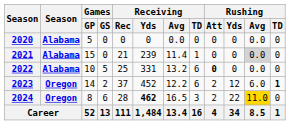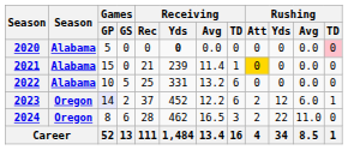 <table class="wikitable" style="text-align:center;">
 <tr>
 <th rowspan="2">Season</th>
 <th rowspan="2">Season</th>
 <th colspan="2">Games</th>
 <th colspan="4">Receiving</th>
 <th colspan="4">Rushing</th>
 </tr>
 <tr>
 <th>GP</th>
 <th>GS</th>
 <th>Rec</th>
 <th>Yds</th>
 <th>Avg</th>
 <th>TD</th>
 <th>Att</th>
 <th>Yds</th>
 <th>Avg</th>
 <th>TD</th>
 </tr>
 <tr>
 <th><a href='#'>2020</a></th>
 <th><a href='#'>Alabama</a></th>
 <td>5</td>
 <td>0</td>
 <td>0</td>
-<td>0</td>
+<td><strong>0</strong></td>
 <td>0.0</td>
 <td>0</td>
 <td>0</td>
 <td>0</td>
 <td>0.0</td>
-<td>0</td>
+<td style="background: pink;">0</td>
 </tr>
 <tr>
 <th><a href='#'>2021</a></th>
 <th><a href='#'>Alabama</a></th>
 <td>15</td>
 <td>0</td>
 <td>21</td>
 <td>239</td>
 <td>11.4</td>
 <td>1</td>
+<td style="background: gold;">0</td>
 <td>0</td>
-<td>0</td>
-<td style="background: lightgrey;">0.0</td>
+<td>0.0</td>
 <td>0</td>
 </tr>
 <tr>
 <th><a href='#'>2022</a></th>
 <th><a href='#'>Alabama</a></th>
 <td>10</td>
 <td>5</td>
 <td>25</td>
 <td>331</td>
 <td>13.2</td>
 <td>6</td>
-<td><strong>0</strong></td>
+<td>0</td>
 <td>0</td>
 <td>0.0</td>
 <td>0</td>
 </tr>
 <tr>
 <th><a href='#'>2023</a></th>
 <th><a href='#'>Oregon</a></th>
-<td>14</td>
+<td style="background: lavender;">14</td>
 <td>2</td>
 <td>37</td>
 <td>452</td>
 <td>12.2</td>
 <td>6</td>
 <td>2</td>
 <td>12</td>
 <td>6.0</td>
-<td><strong>1</strong></td>
+<td>1</td>
 </tr>
 <tr>
 <th><a href='#'>2024</a></th>
 <th><a href='#'>Oregon</a></th>
 <td>8</td>
 <td>6</td>
 <td>28</td>
-<td><strong>462</strong></td>
+<td>462</td>
 <td>16.5</td>
 <td>3</td>
 <td>2</td>
 <td>22</td>
-<td style="background: gold;">11.0</td>
+<td>11.0</td>
 <td>0</td>
 </tr>
 <tr>
 <th colspan="2">Career</th>
 <th>52</th>
 <th>13</th>
 <th>111</th>
 <th>1,484</th>
 <th>13.4</th>
 <th>16</th>
 <th>4</th>
 <th>34</th>
 <th>8.5</th>
 <th>1</th>
 </tr>
 </table>
